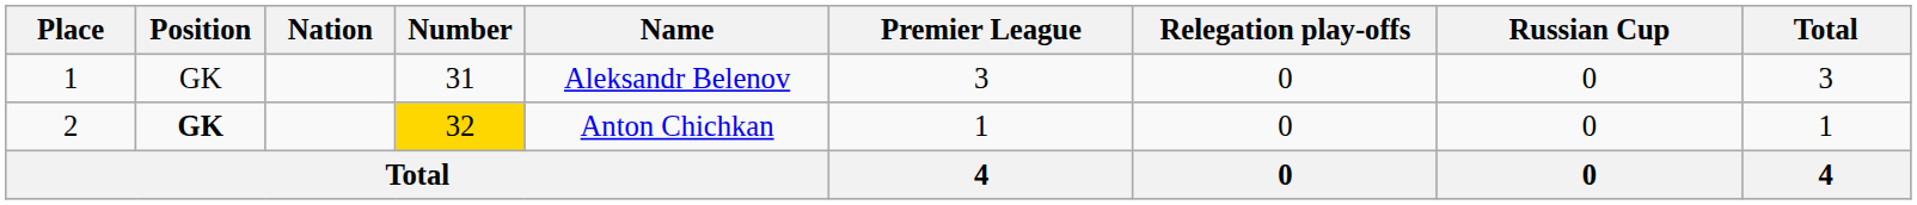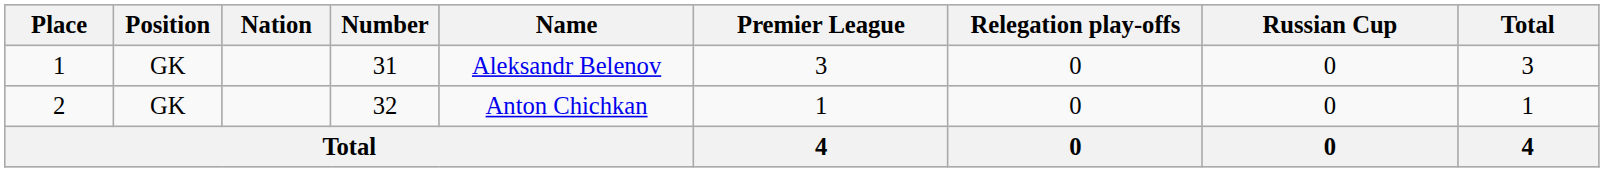 <table class="wikitable" style="font-size: 95%; text-align: center;">
 <tr>
 <th width=60>Place</th>
 <th width=60>Position</th>
 <th width=60>Nation</th>
 <th width=60>Number</th>
 <th width=150>Name</th>
 <th width=150>Premier League</th>
 <th width=150>Relegation play-offs</th>
 <th width=150>Russian Cup</th>
 <th width=80>Total</th>
 </tr>
 <tr>
 <td>1</td>
 <td>GK</td>
 <td></td>
 <td>31</td>
 <td><a href='#'>Aleksandr Belenov</a></td>
 <td>3</td>
 <td>0</td>
 <td>0</td>
 <td>3</td>
 </tr>
 <tr>
 <td>2</td>
-<td><strong>GK</strong></td>
+<td>GK</td>
 <td></td>
-<td style="background: gold;">32</td>
+<td>32</td>
 <td><a href='#'>Anton Chichkan</a></td>
 <td>1</td>
 <td>0</td>
 <td>0</td>
 <td>1</td>
 </tr>
 <tr>
 <th colspan=5>Total</th>
 <th>4</th>
 <th>0</th>
 <th>0</th>
 <th>4</th>
 </tr>
 </table>
